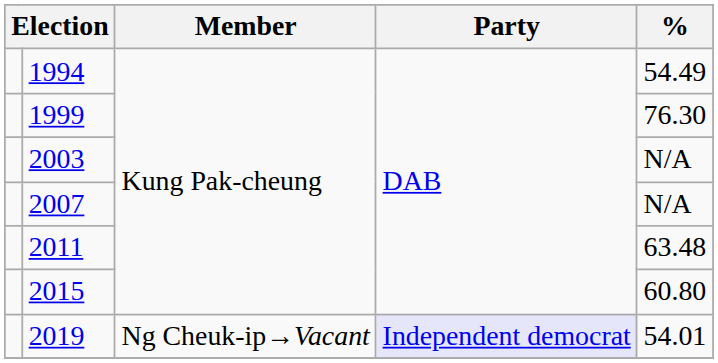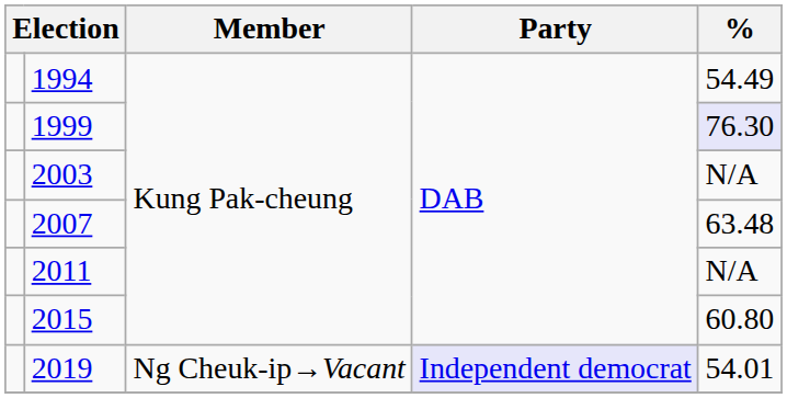 <table class="wikitable">
 <tr>
 <th colspan="2">Election</th>
 <th>Member</th>
 <th>Party</th>
 <th>%</th>
 </tr>
 <tr>
 <td style="background-color: "></td>
 <td><a href='#'>1994</a></td>
 <td rowspan=6>Kung Pak-cheung</td>
 <td rowspan=6><a href='#'>DAB</a></td>
 <td>54.49</td>
 </tr>
 <tr>
 <td style="background-color: "></td>
 <td><a href='#'>1999</a></td>
-<td>76.30</td>
+<td style="background: lavender;">76.30</td>
 </tr>
 <tr>
 <td style="background-color: "></td>
 <td><a href='#'>2003</a></td>
 <td>N/A</td>
 </tr>
 <tr>
 <td style="background-color: "></td>
 <td><a href='#'>2007</a></td>
-<td>N/A</td>
+<td>63.48</td>
 </tr>
 <tr>
 <td style="background-color: "></td>
 <td><a href='#'>2011</a></td>
-<td>63.48</td>
+<td>N/A</td>
 </tr>
 <tr>
 <td style="background-color: "></td>
 <td><a href='#'>2015</a></td>
 <td>60.80</td>
 </tr>
 <tr>
 <td style="background-color: "></td>
 <td><a href='#'>2019</a></td>
 <td>Ng Cheuk-ip→<em>Vacant</em></td>
 <td style="background: lavender;"><a href='#'>Independent democrat</a></td>
 <td>54.01</td>
 </tr>
 <tr>
 </tr>
 </table>
